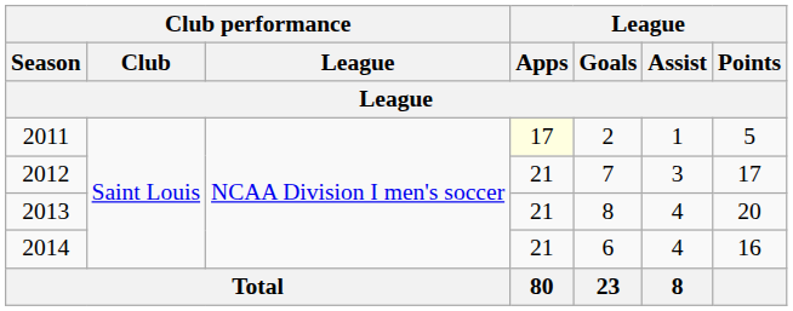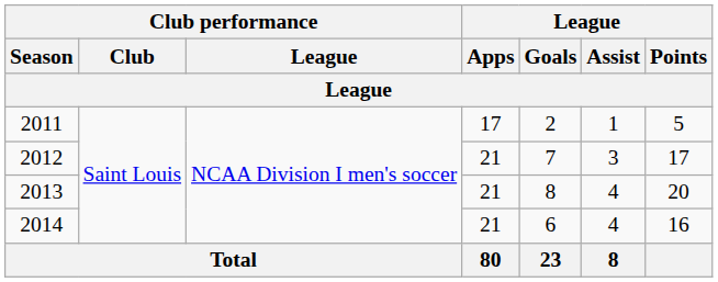 <table class="wikitable" style="text-align:center;">
 <tr>
 <th colspan=3>Club performance</th>
 <th colspan=8>League</th>
 </tr>
 <tr>
 <th>Season</th>
 <th>Club</th>
 <th>League</th>
 <th>Apps</th>
 <th>Goals</th>
 <th>Assist</th>
 <th>Points</th>
 </tr>
 <tr>
 <th colspan=8>League</th>
 </tr>
 <tr>
 <td>2011</td>
 <td rowspan="4"><a href='#'>Saint Louis</a></td>
 <td rowspan="4"><a href='#'>NCAA Division I men's soccer</a></td>
-<td style="background: lightyellow;">17</td>
+<td>17</td>
 <td>2</td>
 <td>1</td>
 <td>5</td>
 </tr>
 <tr>
 <td>2012</td>
 <td>21</td>
 <td>7</td>
 <td>3</td>
 <td>17</td>
 </tr>
 <tr>
 <td>2013</td>
 <td>21</td>
 <td>8</td>
 <td>4</td>
 <td>20</td>
 </tr>
 <tr>
 <td>2014</td>
 <td>21</td>
 <td>6</td>
 <td>4</td>
 <td>16</td>
 </tr>
 <tr>
 <th colspan=3>Total</th>
 <th>80</th>
 <th>23</th>
 <th>8</th>
 <th 58></th>
 </tr>
 </table>
